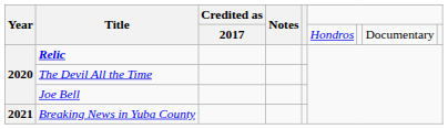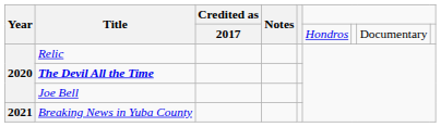 <table class="wikitable plainrowheaders sortable" style="margin-right: 0;">
 <tr>
 <th rowspan="2" scope="col">Year</th>
 <th rowspan="2" scope="col">Title</th>
 <th colspan="1" scope="col">Credited as</th>
 <th rowspan="2" scope="col" class="unsortable">Notes</th>
 <th rowspan="2" scope="col" class="unsortable"></th>
 </tr>
 <tr>
 <th scope="row" rowspan="1">2017</th>
 <td><em><a href='#'>Hondros</a></em></td>
 <td></td>
 <td>Documentary</td>
 <td style="text-align:center;"></td>
 </tr>
 <tr>
 <th scope="row"  rowspan="3">2020</th>
-<td><strong><em><a href='#'>Relic</a></em></strong></td>
+<td><em><a href='#'>Relic</a></em></td>
 <td></td>
 <td></td>
 <td style="text-align:center;"></td>
 </tr>
 <tr>
-<td><em><a href='#'>The Devil All the Time</a></em></td>
+<td><strong><em><a href='#'>The Devil All the Time</a></em></strong></td>
 <td></td>
 <td></td>
 <td style="text-align:center;"></td>
 </tr>
 <tr>
 <td><em><a href='#'>Joe Bell</a></em></td>
 <td></td>
 <td></td>
 <td style="text-align:center;"></td>
 </tr>
 <tr>
 <th scope="row">2021</th>
 <td><em><a href='#'>Breaking News in Yuba County</a></em></td>
 <td></td>
 <td></td>
 <td style="text-align:center;"></td>
 </tr>
 </table>
